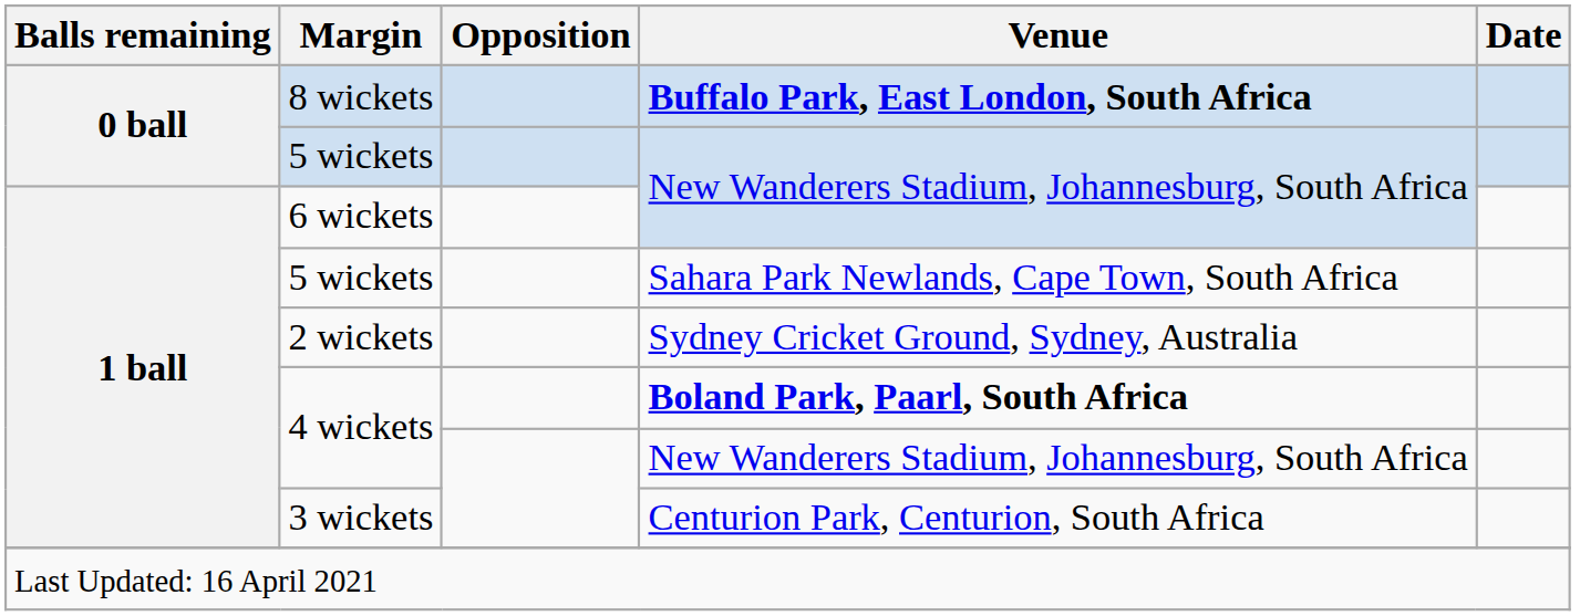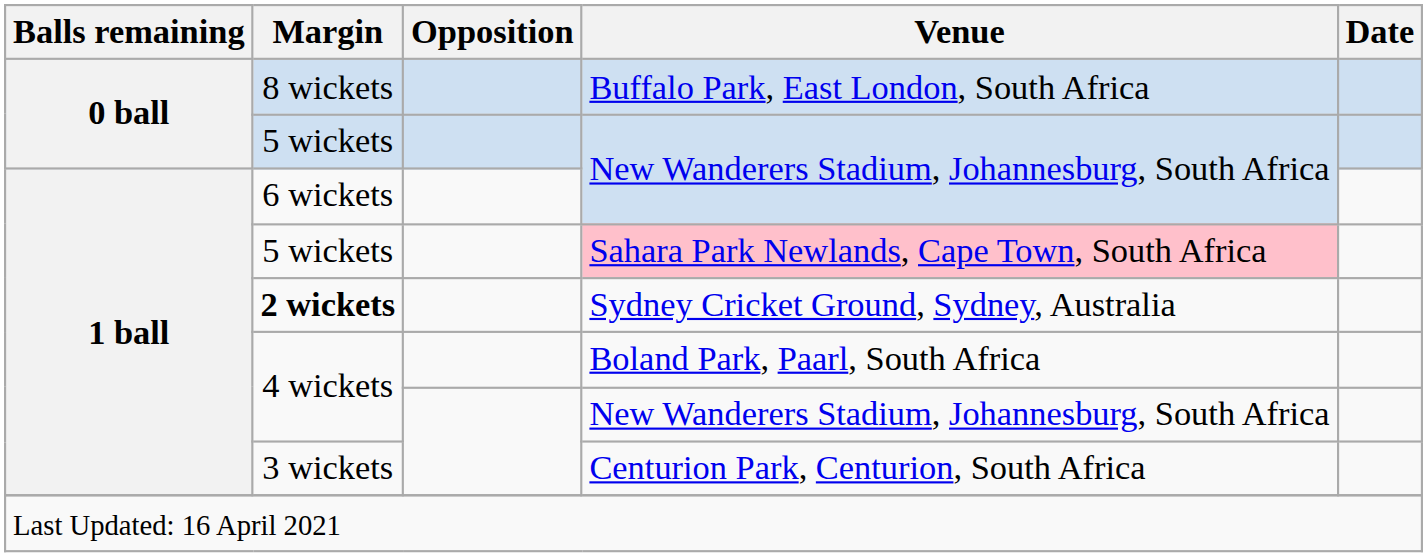 <table class="wikitable plainrowheaders sortable">
 <tr>
 <th scope=col>Balls remaining</th>
 <th scope=col>Margin</th>
 <th scope=col>Opposition</th>
 <th scope=col>Venue</th>
 <th scope=col>Date</th>
 </tr>
 <tr bgcolor=#cee0f2>
 <th scope=row style=text-align:center rowspan=2><strong>0 ball</strong></th>
 <td scope=row style=text-align:center;>8 wickets</td>
 <td></td>
-<td><strong><a href='#'>Buffalo Park</a>, <a href='#'>East London</a>, South Africa</strong></td>
+<td><a href='#'>Buffalo Park</a>, <a href='#'>East London</a>, South Africa</td>
 <td></td>
 </tr>
 <tr bgcolor=#cee0f2>
 <td scope=row style=text-align:center;>5 wickets</td>
 <td></td>
 <td rowspan=2><a href='#'>New Wanderers Stadium</a>, <a href='#'>Johannesburg</a>, South Africa</td>
 <td></td>
 </tr>
 <tr>
 <th scope=row style=text-align:center rowspan=6><strong>1 ball</strong></th>
 <td scope=row style=text-align:center;>6 wickets</td>
 <td></td>
 <td></td>
 </tr>
 <tr>
 <td scope=row style=text-align:center;>5 wickets</td>
 <td></td>
-<td><a href='#'>Sahara Park Newlands</a>, <a href='#'>Cape Town</a>, South Africa</td>
+<td style="background: pink;"><a href='#'>Sahara Park Newlands</a>, <a href='#'>Cape Town</a>, South Africa</td>
 <td></td>
 </tr>
 <tr>
-<td scope=row style=text-align:center;>2 wickets</td>
+<td scope=row style=text-align:center;><strong>2 wickets</strong></td>
 <td></td>
 <td><a href='#'>Sydney Cricket Ground</a>, <a href='#'>Sydney</a>, Australia</td>
 <td></td>
 </tr>
 <tr>
 <td scope=row style=text-align:center; rowspan=2>4 wickets</td>
 <td></td>
-<td><strong><a href='#'>Boland Park</a>, <a href='#'>Paarl</a>, South Africa</strong></td>
+<td><a href='#'>Boland Park</a>, <a href='#'>Paarl</a>, South Africa</td>
 <td></td>
 </tr>
 <tr>
 <td rowspan=2></td>
 <td><a href='#'>New Wanderers Stadium</a>, <a href='#'>Johannesburg</a>, South Africa</td>
 <td></td>
 </tr>
 <tr>
 <td scope=row style=text-align:center;>3 wickets</td>
 <td><a href='#'>Centurion Park</a>, <a href='#'>Centurion</a>, South Africa</td>
 <td></td>
 </tr>
 <tr>
 </tr>
 <tr class=sortbottom>
 <td colspan="5"><small>Last Updated: 16 April 2021</small></td>
 </tr>
 </table>
